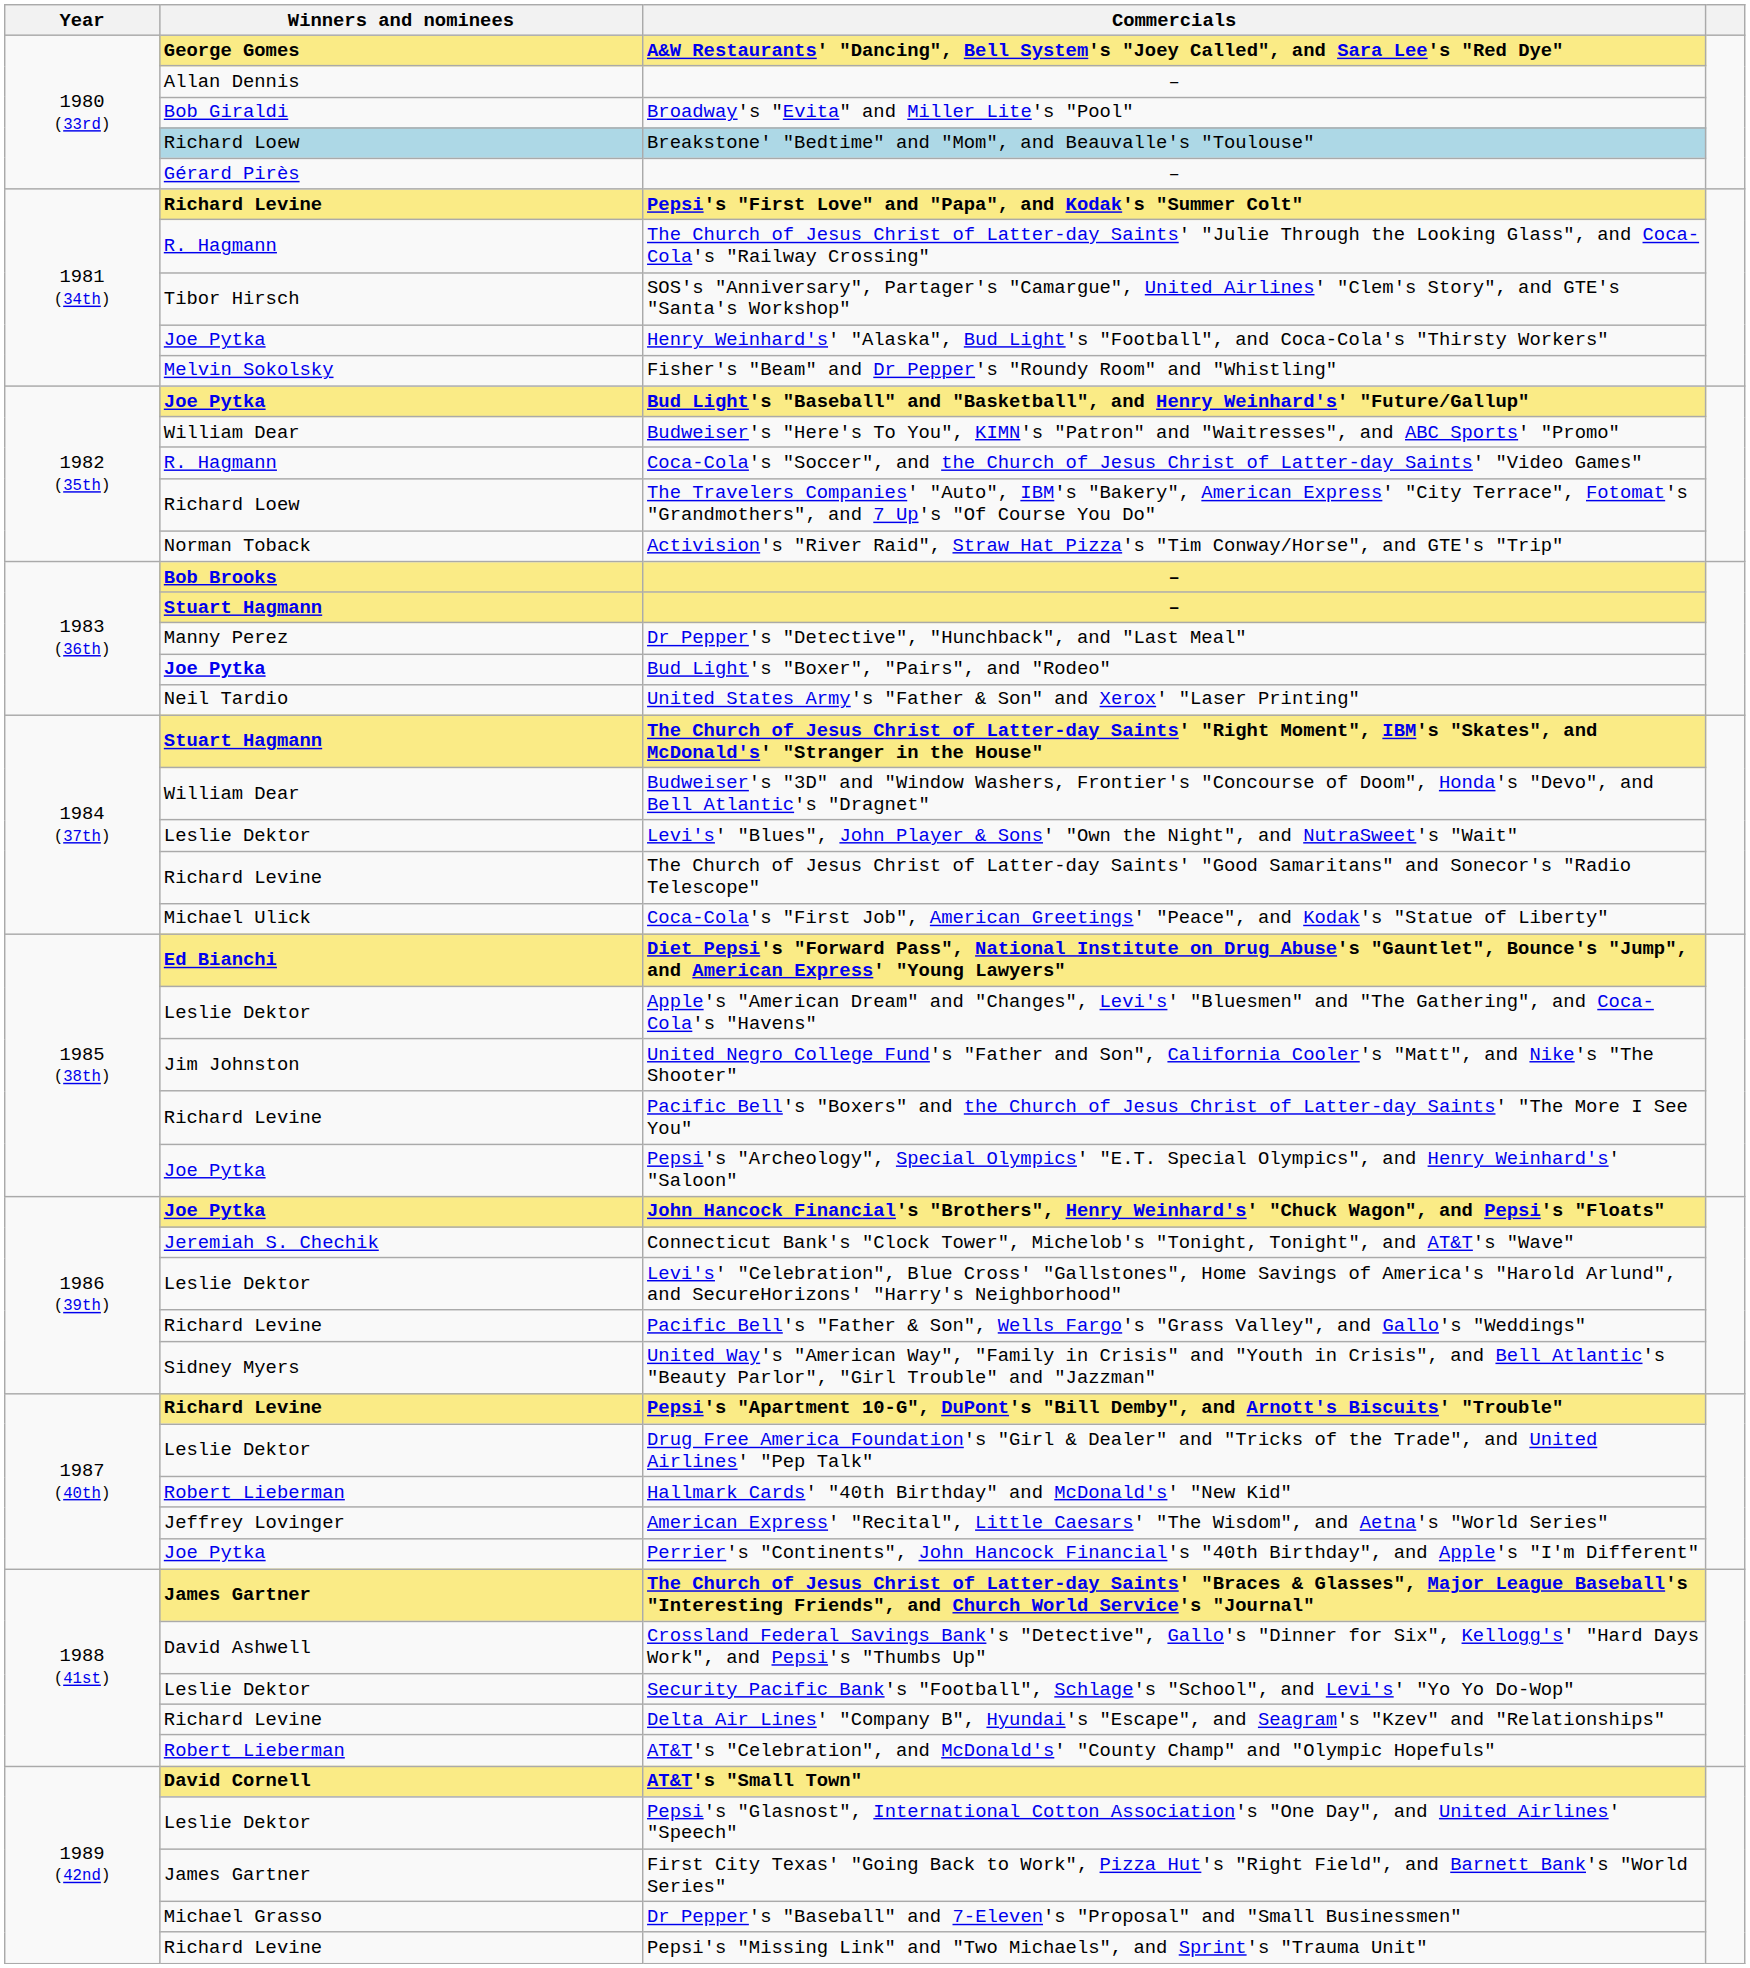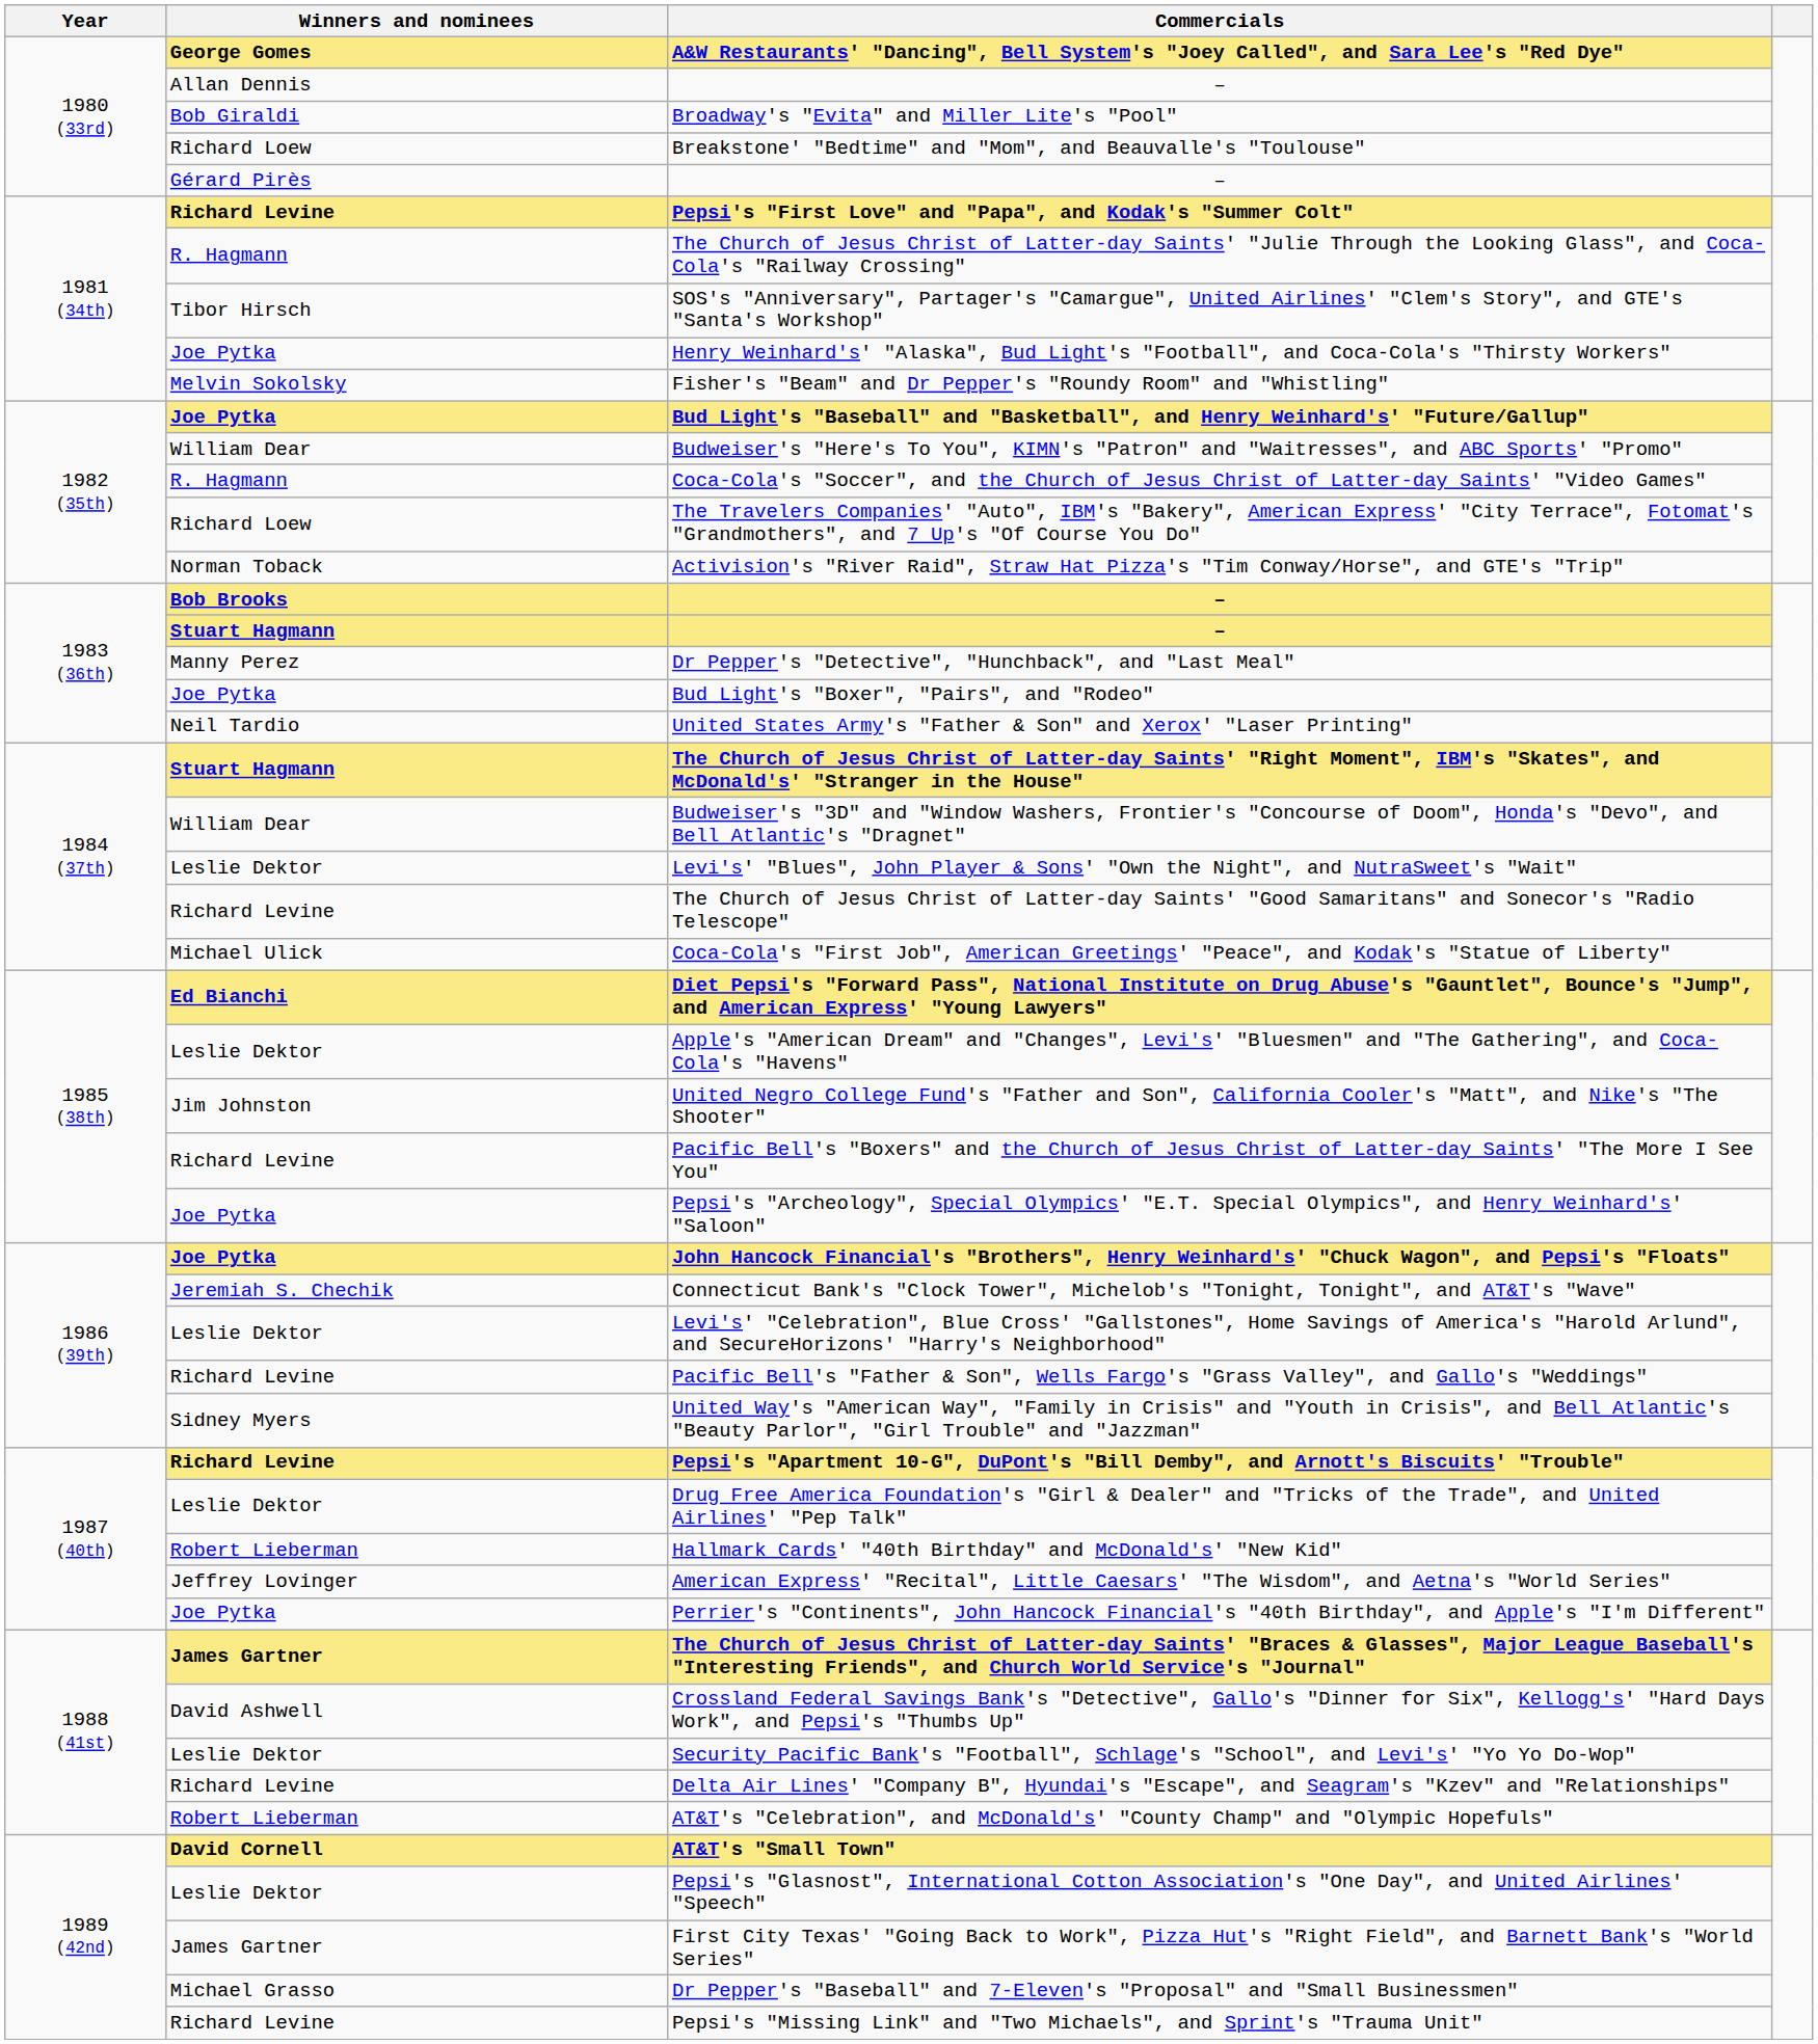 <table class="wikitable" width="95%" cellpadding="5">
 <tr>
 <th width="8%">Year</th>
 <th width="25%">Winners and nominees</th>
 <th width="55%">Commercials</th>
 <th width="2%"></th>
 </tr>
 <tr>
 <td rowspan="5" style="text-align:center;">1980<br><small>(<a href='#'>33rd</a>)</small></td>
 <td style="background:#FAEB86;"><strong>George Gomes</strong></td>
 <td style="background:#FAEB86;"><strong><a href='#'>A&W Restaurants</a>' "Dancing", <a href='#'>Bell System</a>'s "Joey Called", and <a href='#'>Sara Lee</a>'s "Red Dye"</strong></td>
 <td rowspan="5" style="text-align:center;"></td>
 </tr>
 <tr>
 <td>Allan Dennis</td>
 <td style="text-align:center;">–</td>
 </tr>
 <tr>
 <td><a href='#'>Bob Giraldi</a></td>
 <td><a href='#'>Broadway</a>'s "<a href='#'>Evita</a>" and <a href='#'>Miller Lite</a>'s "Pool"</td>
 </tr>
 <tr>
-<td style="background: lightblue;">Richard Loew</td>
-<td style="background: lightblue;">Breakstone' "Bedtime" and "Mom", and Beauvalle's "Toulouse"</td>
+<td>Richard Loew</td>
+<td>Breakstone' "Bedtime" and "Mom", and Beauvalle's "Toulouse"</td>
 </tr>
 <tr>
 <td><a href='#'>Gérard Pirès</a></td>
 <td style="text-align:center;">–</td>
 </tr>
 <tr>
 <td rowspan="5" style="text-align:center;">1981<br><small>(<a href='#'>34th</a>)</small></td>
 <td style="background:#FAEB86;"><strong>Richard Levine</strong></td>
 <td style="background:#FAEB86;"><strong><a href='#'>Pepsi</a>'s "First Love" and "Papa", and <a href='#'>Kodak</a>'s "Summer Colt"</strong></td>
 <td rowspan="5" style="text-align:center;"></td>
 </tr>
 <tr>
 <td><a href='#'>R. Hagmann</a></td>
 <td><a href='#'>The Church of Jesus Christ of Latter-day Saints</a>' "Julie Through the Looking Glass", and <a href='#'>Coca-Cola</a>'s "Railway Crossing"</td>
 </tr>
 <tr>
 <td>Tibor Hirsch</td>
 <td>SOS's "Anniversary", Partager's "Camargue", <a href='#'>United Airlines</a>' "Clem's Story", and GTE's "Santa's Workshop"</td>
 </tr>
 <tr>
 <td><a href='#'>Joe Pytka</a></td>
 <td><a href='#'>Henry Weinhard's</a>' "Alaska", <a href='#'>Bud Light</a>'s "Football", and Coca-Cola's "Thirsty Workers"</td>
 </tr>
 <tr>
 <td><a href='#'>Melvin Sokolsky</a></td>
 <td>Fisher's "Beam" and <a href='#'>Dr Pepper</a>'s "Roundy Room" and "Whistling"</td>
 </tr>
 <tr>
 <td rowspan="5" style="text-align:center;">1982<br><small>(<a href='#'>35th</a>)</small></td>
 <td style="background:#FAEB86;"><strong><a href='#'>Joe Pytka</a></strong></td>
 <td style="background:#FAEB86;"><strong><a href='#'>Bud Light</a>'s "Baseball" and "Basketball", and <a href='#'>Henry Weinhard's</a>' "Future/Gallup"</strong></td>
 <td rowspan="5" style="text-align:center;"></td>
 </tr>
 <tr>
 <td>William Dear</td>
 <td><a href='#'>Budweiser</a>'s "Here's To You", <a href='#'>KIMN</a>'s "Patron" and "Waitresses", and <a href='#'>ABC Sports</a>' "Promo"</td>
 </tr>
 <tr>
 <td><a href='#'>R. Hagmann</a></td>
 <td><a href='#'>Coca-Cola</a>'s "Soccer", and <a href='#'>the Church of Jesus Christ of Latter-day Saints</a>' "Video Games"</td>
 </tr>
 <tr>
 <td>Richard Loew</td>
 <td><a href='#'>The Travelers Companies</a>' "Auto", <a href='#'>IBM</a>'s "Bakery", <a href='#'>American Express</a>' "City Terrace", <a href='#'>Fotomat</a>'s "Grandmothers", and <a href='#'>7 Up</a>'s "Of Course You Do"</td>
 </tr>
 <tr>
 <td>Norman Toback</td>
 <td><a href='#'>Activision</a>'s "River Raid", <a href='#'>Straw Hat Pizza</a>'s "Tim Conway/Horse", and GTE's "Trip"</td>
 </tr>
 <tr>
 <td rowspan="5" style="text-align:center;">1983<br><small>(<a href='#'>36th</a>)</small></td>
 <td style="background:#FAEB86;"><strong><a href='#'>Bob Brooks</a></strong></td>
 <td style="text-align:center; background:#FAEB86;"><strong>–</strong></td>
 <td rowspan="5" style="text-align:center;"></td>
 </tr>
 <tr>
 <td style="background:#FAEB86;"><strong><a href='#'>Stuart Hagmann</a></strong></td>
 <td style="text-align:center; background:#FAEB86;"><strong>–</strong></td>
 </tr>
 <tr>
 <td>Manny Perez</td>
 <td><a href='#'>Dr Pepper</a>'s "Detective", "Hunchback", and "Last Meal"</td>
 </tr>
 <tr>
-<td><strong><a href='#'>Joe Pytka</a></strong></td>
+<td><a href='#'>Joe Pytka</a></td>
 <td><a href='#'>Bud Light</a>'s "Boxer", "Pairs", and "Rodeo"</td>
 </tr>
 <tr>
 <td>Neil Tardio</td>
 <td><a href='#'>United States Army</a>'s "Father & Son" and <a href='#'>Xerox</a>' "Laser Printing"</td>
 </tr>
 <tr>
 <td rowspan="5" style="text-align:center;">1984<br><small>(<a href='#'>37th</a>)</small></td>
 <td style="background:#FAEB86;"><strong><a href='#'>Stuart Hagmann</a></strong></td>
 <td style="background:#FAEB86;"><strong><a href='#'>The Church of Jesus Christ of Latter-day Saints</a>' "Right Moment", <a href='#'>IBM</a>'s "Skates", and <a href='#'>McDonald's</a>' "Stranger in the House"</strong></td>
 <td rowspan="5" style="text-align:center;"></td>
 </tr>
 <tr>
 <td>William Dear</td>
 <td><a href='#'>Budweiser</a>'s "3D" and "Window Washers, Frontier's "Concourse of Doom", <a href='#'>Honda</a>'s "Devo", and <a href='#'>Bell Atlantic</a>'s "Dragnet"</td>
 </tr>
 <tr>
 <td>Leslie Dektor</td>
 <td><a href='#'>Levi's</a>' "Blues", <a href='#'>John Player & Sons</a>' "Own the Night", and <a href='#'>NutraSweet</a>'s "Wait"</td>
 </tr>
 <tr>
 <td>Richard Levine</td>
 <td>The Church of Jesus Christ of Latter-day Saints' "Good Samaritans" and Sonecor's "Radio Telescope"</td>
 </tr>
 <tr>
 <td>Michael Ulick</td>
 <td><a href='#'>Coca-Cola</a>'s "First Job", <a href='#'>American Greetings</a>' "Peace", and <a href='#'>Kodak</a>'s "Statue of Liberty"</td>
 </tr>
 <tr>
 <td rowspan="5" style="text-align:center;">1985<br><small>(<a href='#'>38th</a>)</small></td>
 <td style="background:#FAEB86;"><strong><a href='#'>Ed Bianchi</a></strong></td>
 <td style="background:#FAEB86;"><strong><a href='#'>Diet Pepsi</a>'s "Forward Pass", <a href='#'>National Institute on Drug Abuse</a>'s "Gauntlet", Bounce's "Jump", and <a href='#'>American Express</a>' "Young Lawyers"</strong></td>
 <td rowspan="5" style="text-align:center;"></td>
 </tr>
 <tr>
 <td>Leslie Dektor</td>
 <td><a href='#'>Apple</a>'s "American Dream" and "Changes", <a href='#'>Levi's</a>' "Bluesmen" and "The Gathering", and <a href='#'>Coca-Cola</a>'s "Havens"</td>
 </tr>
 <tr>
 <td>Jim Johnston</td>
 <td><a href='#'>United Negro College Fund</a>'s "Father and Son", <a href='#'>California Cooler</a>'s "Matt", and <a href='#'>Nike</a>'s "The Shooter"</td>
 </tr>
 <tr>
 <td>Richard Levine</td>
 <td><a href='#'>Pacific Bell</a>'s "Boxers" and <a href='#'>the Church of Jesus Christ of Latter-day Saints</a>' "The More I See You"</td>
 </tr>
 <tr>
 <td><a href='#'>Joe Pytka</a></td>
 <td><a href='#'>Pepsi</a>'s "Archeology", <a href='#'>Special Olympics</a>' "E.T. Special Olympics", and <a href='#'>Henry Weinhard's</a>' "Saloon"</td>
 </tr>
 <tr>
 <td rowspan="5" style="text-align:center;">1986<br><small>(<a href='#'>39th</a>)</small></td>
 <td style="background:#FAEB86;"><strong><a href='#'>Joe Pytka</a></strong></td>
 <td style="background:#FAEB86;"><strong><a href='#'>John Hancock Financial</a>'s "Brothers", <a href='#'>Henry Weinhard's</a>' "Chuck Wagon", and <a href='#'>Pepsi</a>'s "Floats"</strong></td>
 <td rowspan="5" style="text-align:center;"></td>
 </tr>
 <tr>
 <td><a href='#'>Jeremiah S. Chechik</a></td>
 <td>Connecticut Bank's "Clock Tower", Michelob's "Tonight, Tonight", and <a href='#'>AT&T</a>'s "Wave"</td>
 </tr>
 <tr>
 <td>Leslie Dektor</td>
 <td><a href='#'>Levi's</a>' "Celebration", Blue Cross' "Gallstones", Home Savings of America's "Harold Arlund", and SecureHorizons' "Harry's Neighborhood"</td>
 </tr>
 <tr>
 <td>Richard Levine</td>
 <td><a href='#'>Pacific Bell</a>'s "Father & Son", <a href='#'>Wells Fargo</a>'s "Grass Valley", and <a href='#'>Gallo</a>'s "Weddings"</td>
 </tr>
 <tr>
 <td>Sidney Myers</td>
 <td><a href='#'>United Way</a>'s "American Way", "Family in Crisis" and "Youth in Crisis", and <a href='#'>Bell Atlantic</a>'s "Beauty Parlor", "Girl Trouble" and "Jazzman"</td>
 </tr>
 <tr>
 <td rowspan="5" style="text-align:center;">1987<br><small>(<a href='#'>40th</a>)</small></td>
 <td style="background:#FAEB86;"><strong>Richard Levine</strong></td>
 <td style="background:#FAEB86;"><strong><a href='#'>Pepsi</a>'s "Apartment 10-G", <a href='#'>DuPont</a>'s "Bill Demby", and <a href='#'>Arnott's Biscuits</a>' "Trouble"</strong></td>
 <td rowspan="5" style="text-align:center;"></td>
 </tr>
 <tr>
 <td>Leslie Dektor</td>
 <td><a href='#'>Drug Free America Foundation</a>'s "Girl & Dealer" and "Tricks of the Trade", and <a href='#'>United Airlines</a>' "Pep Talk"</td>
 </tr>
 <tr>
 <td><a href='#'>Robert Lieberman</a></td>
 <td><a href='#'>Hallmark Cards</a>' "40th Birthday" and <a href='#'>McDonald's</a>' "New Kid"</td>
 </tr>
 <tr>
 <td>Jeffrey Lovinger</td>
 <td><a href='#'>American Express</a>' "Recital", <a href='#'>Little Caesars</a>' "The Wisdom", and <a href='#'>Aetna</a>'s "World Series"</td>
 </tr>
 <tr>
 <td><a href='#'>Joe Pytka</a></td>
 <td><a href='#'>Perrier</a>'s "Continents", <a href='#'>John Hancock Financial</a>'s "40th Birthday", and <a href='#'>Apple</a>'s "I'm Different"</td>
 </tr>
 <tr>
 <td rowspan="5" style="text-align:center;">1988<br><small>(<a href='#'>41st</a>)</small></td>
 <td style="background:#FAEB86;"><strong>James Gartner</strong></td>
 <td style="background:#FAEB86;"><strong><a href='#'>The Church of Jesus Christ of Latter-day Saints</a>' "Braces & Glasses", <a href='#'>Major League Baseball</a>'s "Interesting Friends", and <a href='#'>Church World Service</a>'s "Journal"</strong></td>
 <td rowspan="5" style="text-align:center;"></td>
 </tr>
 <tr>
 <td>David Ashwell</td>
 <td><a href='#'>Crossland Federal Savings Bank</a>'s "Detective", <a href='#'>Gallo</a>'s "Dinner for Six", <a href='#'>Kellogg's</a>' "Hard Days Work", and <a href='#'>Pepsi</a>'s "Thumbs Up"</td>
 </tr>
 <tr>
 <td>Leslie Dektor</td>
 <td><a href='#'>Security Pacific Bank</a>'s "Football", <a href='#'>Schlage</a>'s "School", and <a href='#'>Levi's</a>' "Yo Yo Do-Wop"</td>
 </tr>
 <tr>
 <td>Richard Levine</td>
 <td><a href='#'>Delta Air Lines</a>' "Company B", <a href='#'>Hyundai</a>'s "Escape", and <a href='#'>Seagram</a>'s "Kzev" and "Relationships"</td>
 </tr>
 <tr>
 <td><a href='#'>Robert Lieberman</a></td>
 <td><a href='#'>AT&T</a>'s "Celebration", and <a href='#'>McDonald's</a>' "County Champ" and "Olympic Hopefuls"</td>
 </tr>
 <tr>
 <td rowspan="5" style="text-align:center;">1989<br><small>(<a href='#'>42nd</a>)</small></td>
 <td style="background:#FAEB86;"><strong>David Cornell</strong></td>
 <td style="background:#FAEB86;"><strong><a href='#'>AT&T</a>'s "Small Town"</strong></td>
 <td rowspan="5" style="text-align:center;"></td>
 </tr>
 <tr>
 <td>Leslie Dektor</td>
 <td><a href='#'>Pepsi</a>'s "Glasnost", <a href='#'>International Cotton Association</a>'s "One Day", and <a href='#'>United Airlines</a>' "Speech"</td>
 </tr>
 <tr>
 <td>James Gartner</td>
 <td>First City Texas' "Going Back to Work", <a href='#'>Pizza Hut</a>'s "Right Field", and <a href='#'>Barnett Bank</a>'s "World Series"</td>
 </tr>
 <tr>
 <td>Michael Grasso</td>
 <td><a href='#'>Dr Pepper</a>'s "Baseball" and <a href='#'>7-Eleven</a>'s "Proposal" and "Small Businessmen"</td>
 </tr>
 <tr>
 <td>Richard Levine</td>
 <td>Pepsi's "Missing Link" and "Two Michaels", and <a href='#'>Sprint</a>'s "Trauma Unit"</td>
 </tr>
 </table>
